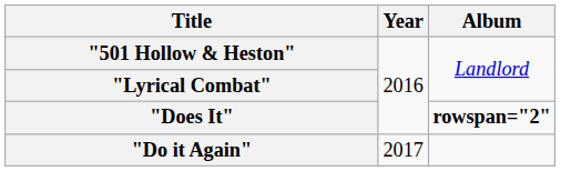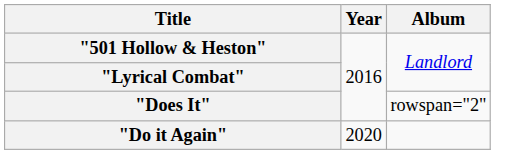 <table class="wikitable plainrowheaders" style="text-align:center;">
 <tr>
 <th scope="col" style="width:18em;">Title</th>
 <th scope="col">Year</th>
 <th scope="col">Album</th>
 </tr>
 <tr>
 <th scope="row">"501 Hollow & Heston"<br></th>
 <td rowspan="3">2016</td>
 <td rowspan="2"><em><a href='#'>Landlord</a></em></td>
 </tr>
 <tr>
 <th scope="row">"Lyrical Combat"<br></th>
 </tr>
 <tr>
 <th scope="row">"Does It"<br></th>
-<td><strong>rowspan="2" </strong></td>
+<td>rowspan="2" </td>
 </tr>
 <tr>
 <th scope="row">"Do it Again"<br></th>
-<td>2017</td>
+<td>2020</td>
 </tr>
 </table>
